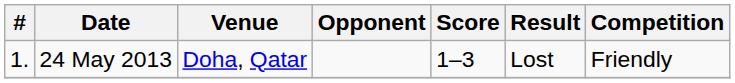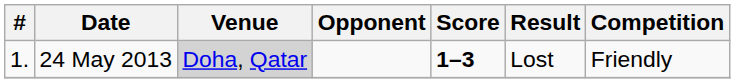 <table class="wikitable">
 <tr>
 <th>#</th>
 <th>Date</th>
 <th>Venue</th>
 <th>Opponent</th>
 <th>Score</th>
 <th>Result</th>
 <th>Competition</th>
 </tr>
 <tr>
 <td>1.</td>
 <td>24 May 2013</td>
-<td><a href='#'>Doha</a>, <a href='#'>Qatar</a></td>
+<td style="background: lightgrey;"><a href='#'>Doha</a>, <a href='#'>Qatar</a></td>
 <td></td>
-<td>1–3</td>
+<td><strong>1–3</strong></td>
 <td>Lost</td>
 <td>Friendly</td>
 </tr>
 <tr>
 </tr>
 </table>
